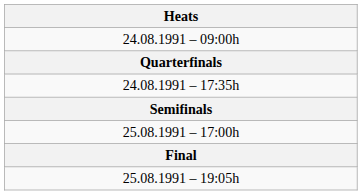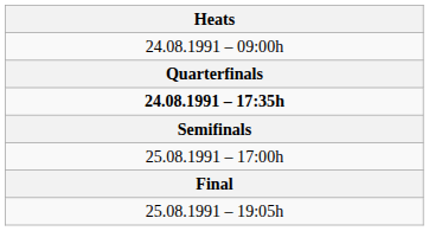 <table class="wikitable" style=" text-align:center; font-size:110%;" width="35%">
 <tr>
 <th>Heats</th>
 </tr>
 <tr>
 <td>24.08.1991 – 09:00h</td>
 </tr>
 <tr>
 <th>Quarterfinals</th>
 </tr>
 <tr>
-<td>24.08.1991 – 17:35h</td>
+<td><strong>24.08.1991 – 17:35h</strong></td>
 </tr>
 <tr>
 <th>Semifinals</th>
 </tr>
 <tr>
 <td>25.08.1991 – 17:00h</td>
 </tr>
 <tr>
 <th>Final</th>
 </tr>
 <tr>
 <td>25.08.1991 – 19:05h</td>
 </tr>
 </table>
